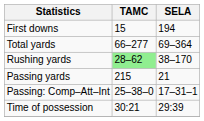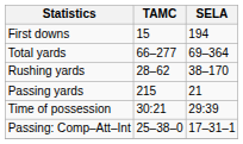 <table class="wikitable" style="float: left;">
 <tr>
 <th>Statistics</th>
 <th>TAMC</th>
 <th>SELA</th>
 </tr>
 <tr>
 <td>First downs</td>
 <td>15</td>
 <td>194</td>
 </tr>
 <tr>
 <td>Total yards</td>
 <td>66–277</td>
 <td>69–364</td>
 </tr>
 <tr>
 <td>Rushing yards</td>
-<td style="background: lightgreen;">28–62</td>
+<td>28–62</td>
 <td>38–170</td>
 </tr>
 <tr>
 <td>Passing yards</td>
 <td>215</td>
 <td>21</td>
 </tr>
 <tr>
+<td>Time of possession</td>
+<td>30:21</td>
+<td>29:39</td>
+</tr>
+<tr>
 <td>Passing: Comp–Att–Int</td>
 <td>25–38–0</td>
 <td>17–31–1</td>
 </tr>
 <tr>
-<td>Time of possession</td>
-<td>30:21</td>
-<td>29:39</td>
-</tr>
-<tr>
 </tr>
 </table>
